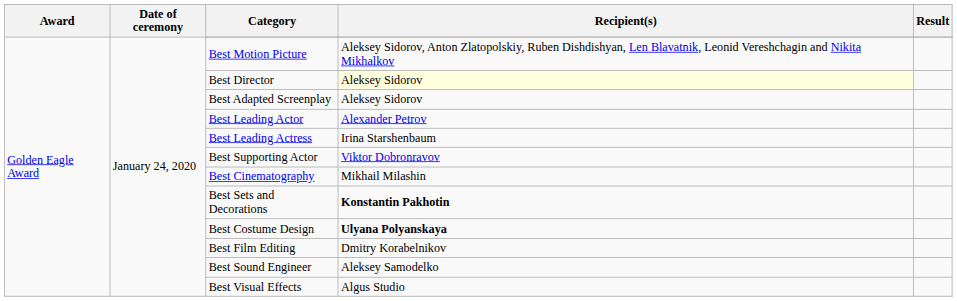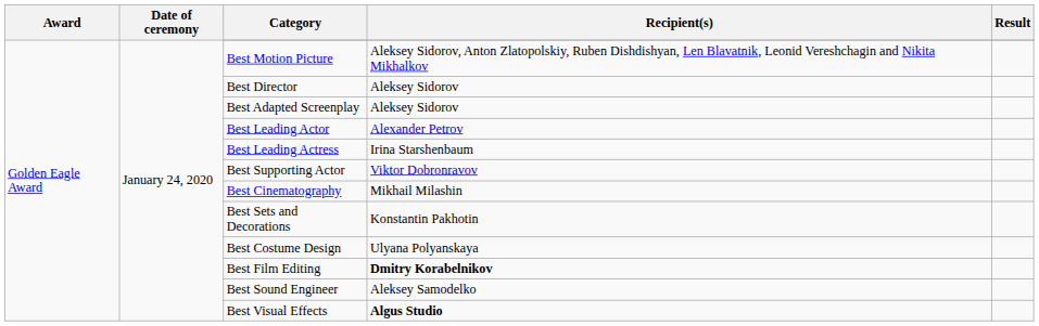 <table class="wikitable plainrowheaders sortable">
 <tr>
 <th scope="col">Award</th>
 <th scope="col">Date of ceremony</th>
 <th scope="col">Category</th>
 <th scope="col">Recipient(s)</th>
 <th scope="col">Result</th>
 </tr>
 <tr>
 <td rowspan="16"><a href='#'>Golden Eagle Award</a></td>
 <td rowspan="16">January 24, 2020</td>
 </tr>
 <tr>
 <td><a href='#'>Best Motion Picture</a></td>
 <td>Aleksey Sidorov, Anton Zlatopolskiy, Ruben Dishdishyan, <a href='#'>Len Blavatnik</a>, Leonid Vereshchagin and <a href='#'>Nikita Mikhalkov</a></td>
 <td></td>
 </tr>
 <tr>
 <td>Best Director</td>
-<td style="background: lightyellow;">Aleksey Sidorov</td>
+<td>Aleksey Sidorov</td>
 <td></td>
 </tr>
 <tr>
 <td>Best Adapted Screenplay</td>
 <td>Aleksey Sidorov</td>
 <td></td>
 </tr>
 <tr>
 <td><a href='#'>Best Leading Actor</a></td>
 <td><a href='#'>Alexander Petrov</a></td>
 <td></td>
 </tr>
 <tr>
 <td><a href='#'>Best Leading Actress</a></td>
 <td>Irina Starshenbaum</td>
 <td></td>
 </tr>
 <tr>
 <td>Best Supporting Actor</td>
 <td><a href='#'>Viktor Dobronravov</a></td>
 <td></td>
 </tr>
 <tr>
 <td><a href='#'>Best Cinematography</a></td>
 <td>Mikhail Milashin</td>
 <td></td>
 </tr>
 <tr>
 <td>Best Sets and Decorations</td>
-<td><strong>Konstantin Pakhotin</strong></td>
+<td>Konstantin Pakhotin</td>
 <td></td>
 </tr>
 <tr>
 <td>Best Costume Design</td>
-<td><strong>Ulyana Polyanskaya</strong></td>
+<td>Ulyana Polyanskaya</td>
 <td></td>
 </tr>
 <tr>
 <td>Best Film Editing</td>
-<td>Dmitry Korabelnikov</td>
+<td><strong>Dmitry Korabelnikov</strong></td>
 <td></td>
 </tr>
 <tr>
 <td>Best Sound Engineer</td>
 <td>Aleksey Samodelko</td>
 <td></td>
 </tr>
 <tr>
 <td>Best Visual Effects</td>
-<td>Algus Studio</td>
+<td><strong>Algus Studio</strong></td>
 <td></td>
 </tr>
 </table>
